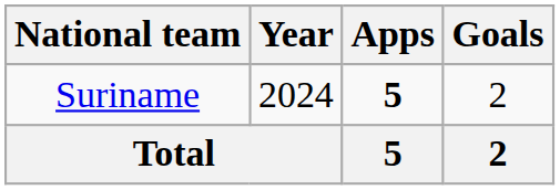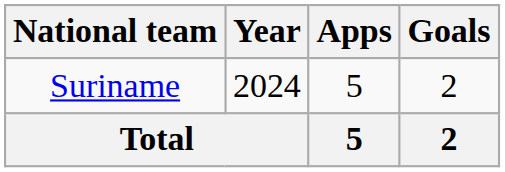 <table class=wikitable style=text-align:center>
 <tr>
 <th>National team</th>
 <th>Year</th>
 <th>Apps</th>
 <th>Goals</th>
 </tr>
 <tr>
 <td><a href='#'>Suriname</a></td>
 <td>2024</td>
-<td><strong>5</strong></td>
+<td>5</td>
 <td>2</td>
 </tr>
 <tr>
 <th colspan="2">Total</th>
 <th>5</th>
 <th>2</th>
 </tr>
 </table>
